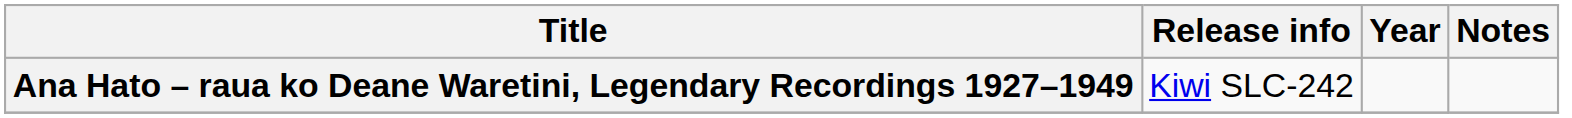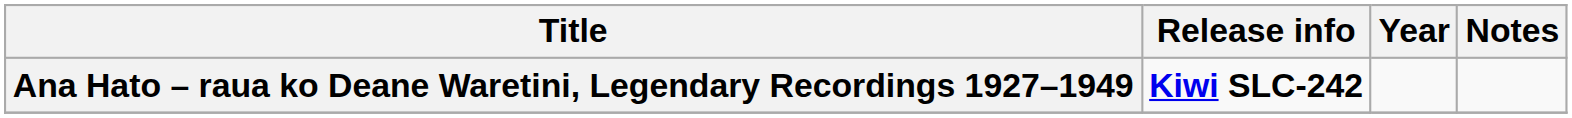 <table class="wikitable plainrowheaders sortable">
 <tr>
 <th scope="col">Title</th>
 <th scope="col">Release info</th>
 <th scope="col">Year</th>
 <th scope="col" class="unsortable">Notes</th>
 </tr>
 <tr>
 <th scope="row">Ana Hato – raua ko Deane Waretini, Legendary Recordings 1927–1949</th>
-<td><a href='#'>Kiwi</a>  SLC-242</td>
+<td><strong><a href='#'>Kiwi</a>  SLC-242</strong></td>
 <td></td>
 <td></td>
 </tr>
 <tr>
 </tr>
 </table>
